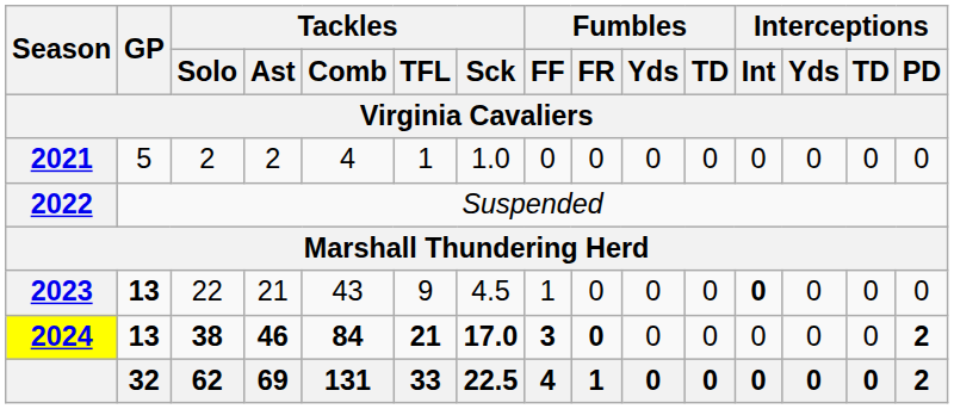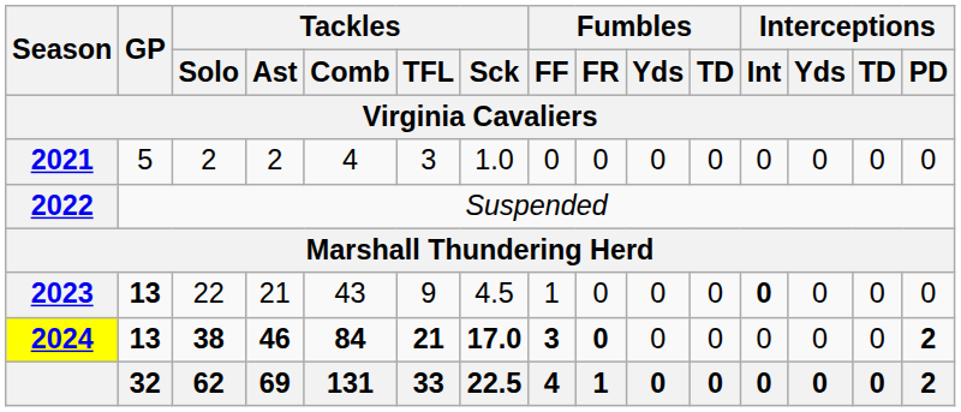 <table class="wikitable" style="text-align:center;">
 <tr>
 <th rowspan="2">Season</th>
 <th rowspan="2">GP</th>
 <th colspan="5">Tackles</th>
 <th colspan="4">Fumbles</th>
 <th colspan="4">Interceptions</th>
 </tr>
 <tr>
 <th>Solo</th>
 <th>Ast</th>
 <th>Comb</th>
 <th>TFL</th>
 <th>Sck</th>
 <th>FF</th>
 <th>FR</th>
 <th>Yds</th>
 <th>TD</th>
 <th>Int</th>
 <th>Yds</th>
 <th>TD</th>
 <th>PD</th>
 </tr>
 <tr>
 <th colspan="17">Virginia Cavaliers</th>
 </tr>
 <tr>
 <th><a href='#'>2021</a></th>
 <td>5</td>
 <td>2</td>
 <td>2</td>
 <td>4</td>
-<td>1</td>
+<td>3</td>
 <td>1.0</td>
 <td>0</td>
 <td>0</td>
 <td>0</td>
 <td>0</td>
 <td>0</td>
 <td>0</td>
 <td>0</td>
 <td>0</td>
 </tr>
 <tr>
 <th><a href='#'>2022</a></th>
 <td colspan="15"><em>Suspended</em></td>
 </tr>
 <tr>
 <th colspan="17">Marshall Thundering Herd</th>
 </tr>
 <tr>
 <th><a href='#'>2023</a></th>
 <td><strong>13</strong></td>
 <td>22</td>
 <td>21</td>
 <td>43</td>
 <td>9</td>
 <td>4.5</td>
 <td>1</td>
 <td>0</td>
 <td>0</td>
 <td>0</td>
 <td><strong>0</strong></td>
 <td>0</td>
 <td>0</td>
 <td>0</td>
 </tr>
 <tr>
 <th style="background:#ffff00; width:3em;"><a href='#'>2024</a></th>
 <td><strong>13</strong></td>
 <td><strong>38</strong></td>
 <td><strong>46</strong></td>
 <td><strong>84</strong></td>
 <td><strong>21</strong></td>
 <td><strong>17.0</strong></td>
 <td><strong>3</strong></td>
 <td><strong>0</strong></td>
 <td>0</td>
 <td>0</td>
 <td>0</td>
 <td>0</td>
 <td>0</td>
 <td><strong>2</strong></td>
 </tr>
 <tr>
 <th></th>
 <th>32</th>
 <th>62</th>
 <th>69</th>
 <th>131</th>
 <th>33</th>
 <th>22.5</th>
 <th>4</th>
 <th>1</th>
 <th>0</th>
 <th>0</th>
 <th>0</th>
 <th>0</th>
 <th>0</th>
 <th>2</th>
 </tr>
 </table>
